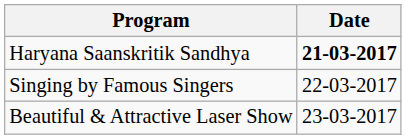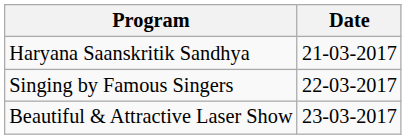 <table class="wikitable">
 <tr>
 <th>Program</th>
 <th>Date</th>
 </tr>
 <tr>
 <td>Haryana Saanskritik Sandhya</td>
-<td><strong>21-03-2017</strong></td>
+<td>21-03-2017</td>
 </tr>
 <tr>
 <td>Singing by Famous Singers</td>
 <td>22-03-2017</td>
 </tr>
 <tr>
 <td>Beautiful & Attractive Laser Show</td>
 <td>23-03-2017</td>
 </tr>
 </table>
